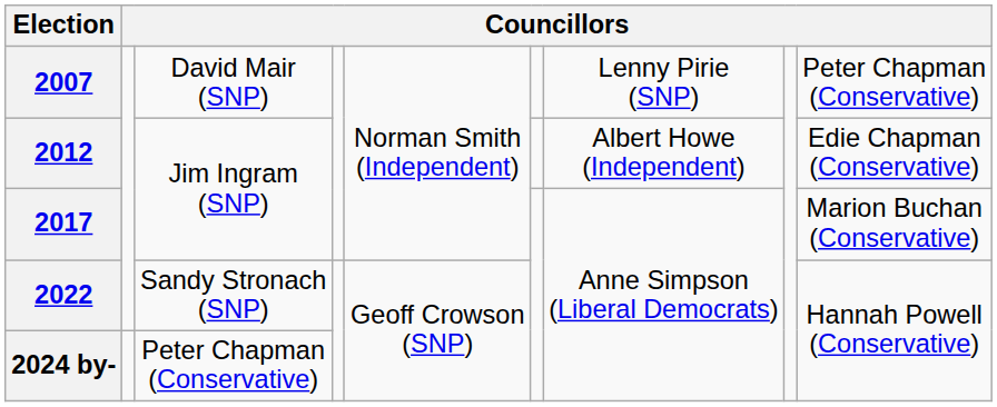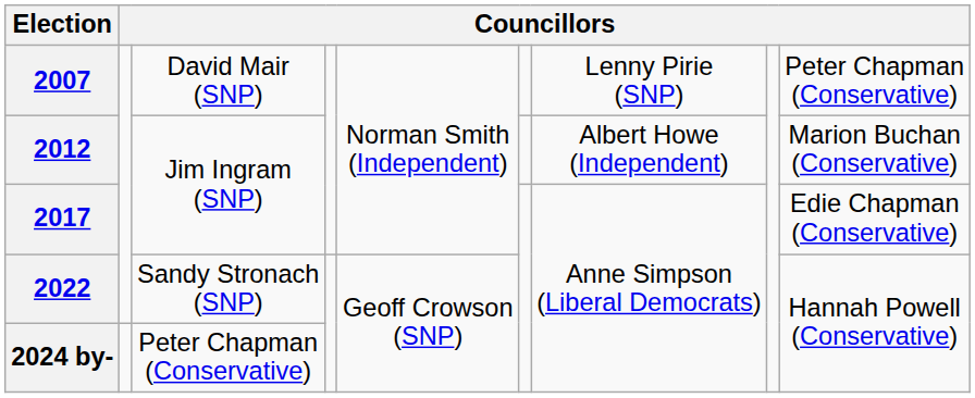 <table class="wikitable" style="text-align:center">
 <tr>
 <th>Election</th>
 <th colspan=8>Councillors</th>
 </tr>
 <tr>
 <th><a href='#'>2007</a></th>
 <td rowspan=4; style="background-color: "></td>
 <td rowspan=1>David Mair<br>(<a href='#'>SNP</a>)</td>
 <td rowspan=3; style="background-color: "></td>
 <td rowspan=3>Norman Smith<br>(<a href='#'>Independent</a>)</td>
 <td rowspan=1; style="background-color: "></td>
 <td rowspan=1>Lenny Pirie<br>(<a href='#'>SNP</a>)</td>
 <td rowspan=5; style="background-color: "></td>
 <td rowspan=1>Peter Chapman<br>(<a href='#'>Conservative</a>)</td>
 </tr>
 <tr>
 <th><a href='#'>2012</a></th>
 <td rowspan=2>Jim Ingram<br>(<a href='#'>SNP</a>)</td>
 <td rowspan=1; style="background-color: "></td>
 <td rowspan=1>Albert Howe<br>(<a href='#'>Independent</a>)</td>
-<td rowspan=1>Edie Chapman<br>(<a href='#'>Conservative</a>)</td>
+<td rowspan=1>Marion Buchan<br>(<a href='#'>Conservative</a>)</td>
 </tr>
 <tr>
 <th><a href='#'>2017</a></th>
 <td rowspan=3; style="background-color: "></td>
 <td rowspan=3>Anne Simpson<br>(<a href='#'>Liberal Democrats</a>)</td>
-<td rowspan=1>Marion Buchan<br>(<a href='#'>Conservative</a>)</td>
+<td rowspan=1>Edie Chapman<br>(<a href='#'>Conservative</a>)</td>
 </tr>
 <tr>
 <th><a href='#'>2022</a></th>
 <td rowspan=1>Sandy Stronach<br>(<a href='#'>SNP</a>)</td>
 <td rowspan=2; style="background-color: "></td>
 <td rowspan=2>Geoff Crowson<br>(<a href='#'>SNP</a>)</td>
 <td rowspan=2>Hannah Powell<br>(<a href='#'>Conservative</a>)</td>
 </tr>
 <tr>
 <th>2024 by-</th>
 <td rowspan=1; style="background-color: "></td>
 <td rowspan=1>Peter Chapman<br>(<a href='#'>Conservative</a>)</td>
 </tr>
 </table>
